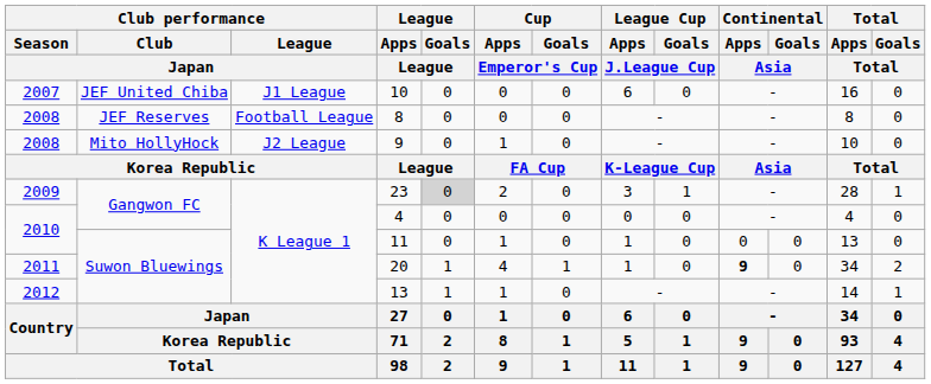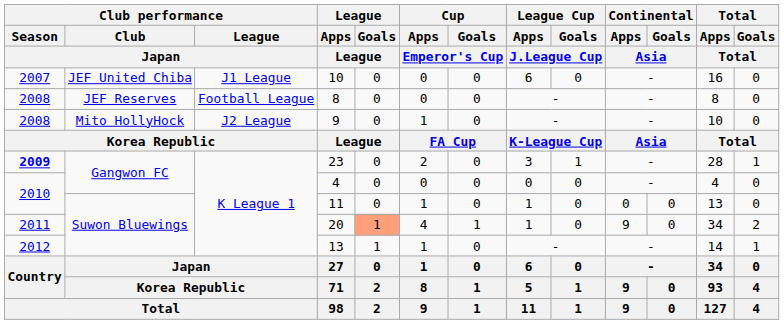 <table class="wikitable" style="text-align:center;">
 <tr>
 <th colspan=3>Club performance</th>
 <th colspan=2>League</th>
 <th colspan=2>Cup</th>
 <th colspan=2>League Cup</th>
 <th colspan=2>Continental</th>
 <th colspan=2>Total</th>
 </tr>
 <tr>
 <th>Season</th>
 <th>Club</th>
 <th>League</th>
 <th>Apps</th>
 <th>Goals</th>
 <th>Apps</th>
 <th>Goals</th>
 <th>Apps</th>
 <th>Goals</th>
 <th>Apps</th>
 <th>Goals</th>
 <th>Apps</th>
 <th>Goals</th>
 </tr>
 <tr>
 <th colspan=3>Japan</th>
 <th colspan=2>League</th>
 <th colspan=2><a href='#'>Emperor's Cup</a></th>
 <th colspan=2><a href='#'>J.League Cup</a></th>
 <th colspan=2><a href='#'>Asia</a></th>
 <th colspan=2>Total</th>
 </tr>
 <tr>
 <td><a href='#'>2007</a></td>
 <td><a href='#'>JEF United Chiba</a></td>
 <td><a href='#'>J1 League</a></td>
 <td>10</td>
 <td>0</td>
 <td>0</td>
 <td>0</td>
 <td>6</td>
 <td>0</td>
 <td colspan=2>-</td>
 <td>16</td>
 <td>0</td>
 </tr>
 <tr>
 <td><a href='#'>2008</a></td>
 <td><a href='#'>JEF Reserves</a></td>
 <td><a href='#'>Football League</a></td>
 <td>8</td>
 <td>0</td>
 <td>0</td>
 <td>0</td>
 <td colspan=2>-</td>
 <td colspan=2>-</td>
 <td>8</td>
 <td>0</td>
 </tr>
 <tr>
 <td><a href='#'>2008</a></td>
 <td><a href='#'>Mito HollyHock</a></td>
 <td><a href='#'>J2 League</a></td>
 <td>9</td>
 <td>0</td>
 <td>1</td>
 <td>0</td>
 <td colspan=2>-</td>
 <td colspan=2>-</td>
 <td>10</td>
 <td>0</td>
 </tr>
 <tr>
 <th colspan=3>Korea Republic</th>
 <th colspan=2>League</th>
 <th colspan=2><a href='#'>FA Cup</a></th>
 <th colspan=2><a href='#'>K-League Cup</a></th>
 <th colspan=2><a href='#'>Asia</a></th>
 <th colspan=2>Total</th>
 </tr>
 <tr>
-<td><a href='#'>2009</a></td>
+<td><strong><a href='#'>2009</a></strong></td>
 <td rowspan=2><a href='#'>Gangwon FC</a></td>
 <td rowspan=5><a href='#'>K League 1</a></td>
 <td>23</td>
-<td style="background: lightgrey;">0</td>
+<td>0</td>
 <td>2</td>
 <td>0</td>
 <td>3</td>
 <td>1</td>
 <td colspan=2>-</td>
 <td>28</td>
 <td>1</td>
 </tr>
 <tr>
 <td rowspan=2><a href='#'>2010</a></td>
 <td>4</td>
 <td>0</td>
 <td>0</td>
 <td>0</td>
 <td>0</td>
 <td>0</td>
 <td colspan=2>-</td>
 <td>4</td>
 <td>0</td>
 </tr>
 <tr>
 <td rowspan=3><a href='#'>Suwon Bluewings</a></td>
 <td>11</td>
 <td>0</td>
 <td>1</td>
 <td>0</td>
 <td>1</td>
 <td>0</td>
 <td>0</td>
 <td>0</td>
 <td>13</td>
 <td>0</td>
 </tr>
 <tr>
 <td><a href='#'>2011</a></td>
 <td>20</td>
-<td>1</td>
+<td style="background: lightsalmon;">1</td>
 <td>4</td>
 <td>1</td>
 <td>1</td>
 <td>0</td>
-<td><strong>9</strong></td>
+<td>9</td>
 <td>0</td>
 <td>34</td>
 <td>2</td>
 </tr>
 <tr>
 <td><a href='#'>2012</a></td>
 <td>13</td>
 <td>1</td>
 <td>1</td>
 <td>0</td>
 <td colspan=2>-</td>
 <td colspan=2>-</td>
 <td>14</td>
 <td>1</td>
 </tr>
 <tr>
 <th rowspan=2>Country</th>
 <th colspan=2>Japan</th>
 <th>27</th>
 <th>0</th>
 <th>1</th>
 <th>0</th>
 <th>6</th>
 <th>0</th>
 <th colspan=2>-</th>
 <th>34</th>
 <th>0</th>
 </tr>
 <tr>
 <th colspan=2>Korea Republic</th>
 <th>71</th>
 <th>2</th>
 <th>8</th>
 <th>1</th>
 <th>5</th>
 <th>1</th>
 <th>9</th>
 <th>0</th>
 <th>93</th>
 <th>4</th>
 </tr>
 <tr>
 <th colspan=3>Total</th>
 <th>98</th>
 <th>2</th>
 <th>9</th>
 <th>1</th>
 <th>11</th>
 <th>1</th>
 <th>9</th>
 <th>0</th>
 <th>127</th>
 <th>4</th>
 </tr>
 </table>
